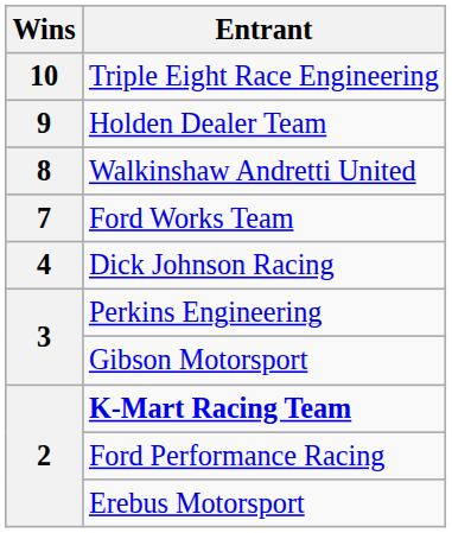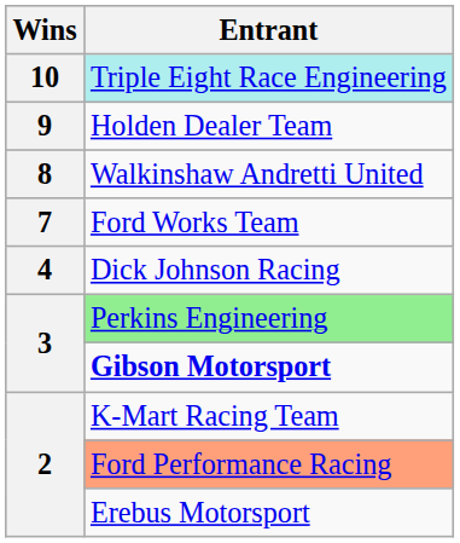 <table class="wikitable" style="font-size: 95%;">
 <tr>
 <th>Wins</th>
 <th>Entrant</th>
 </tr>
 <tr>
 <th>10</th>
-<td><a href='#'>Triple Eight Race Engineering</a></td>
+<td style="background: paleturquoise;"><a href='#'>Triple Eight Race Engineering</a></td>
 </tr>
 <tr>
 <th>9</th>
 <td><a href='#'>Holden Dealer Team</a></td>
 </tr>
 <tr>
 <th>8</th>
 <td><a href='#'>Walkinshaw Andretti United</a></td>
 </tr>
 <tr>
 <th>7</th>
 <td><a href='#'>Ford Works Team</a></td>
 </tr>
 <tr>
 <th>4</th>
 <td><a href='#'>Dick Johnson Racing</a></td>
 </tr>
 <tr>
 <th rowspan="2">3</th>
-<td><a href='#'>Perkins Engineering</a></td>
+<td style="background: lightgreen;"><a href='#'>Perkins Engineering</a></td>
 </tr>
 <tr>
-<td><a href='#'>Gibson Motorsport</a></td>
+<td><strong><a href='#'>Gibson Motorsport</a></strong></td>
 </tr>
 <tr>
 <th rowspan="3">2</th>
-<td><strong><a href='#'>K-Mart Racing Team</a></strong></td>
+<td><a href='#'>K-Mart Racing Team</a></td>
 </tr>
 <tr>
-<td><a href='#'>Ford Performance Racing</a></td>
+<td style="background: lightsalmon;"><a href='#'>Ford Performance Racing</a></td>
 </tr>
 <tr>
 <td><a href='#'>Erebus Motorsport</a></td>
 </tr>
 </table>
